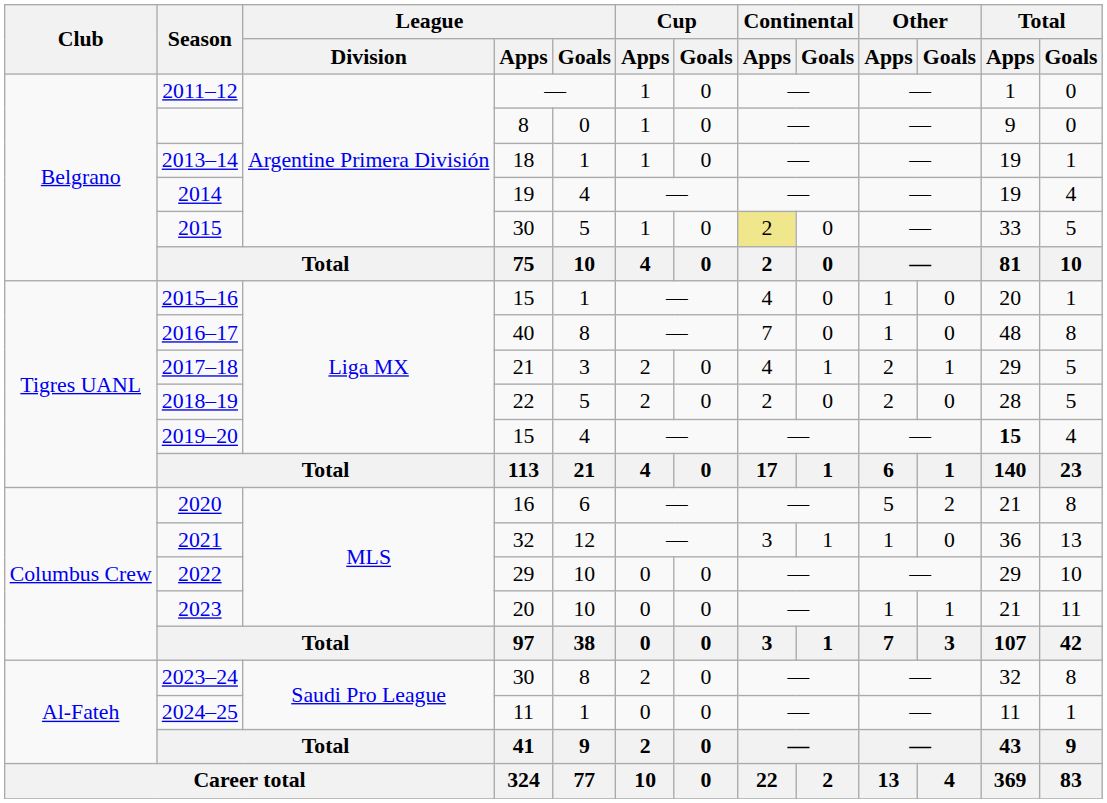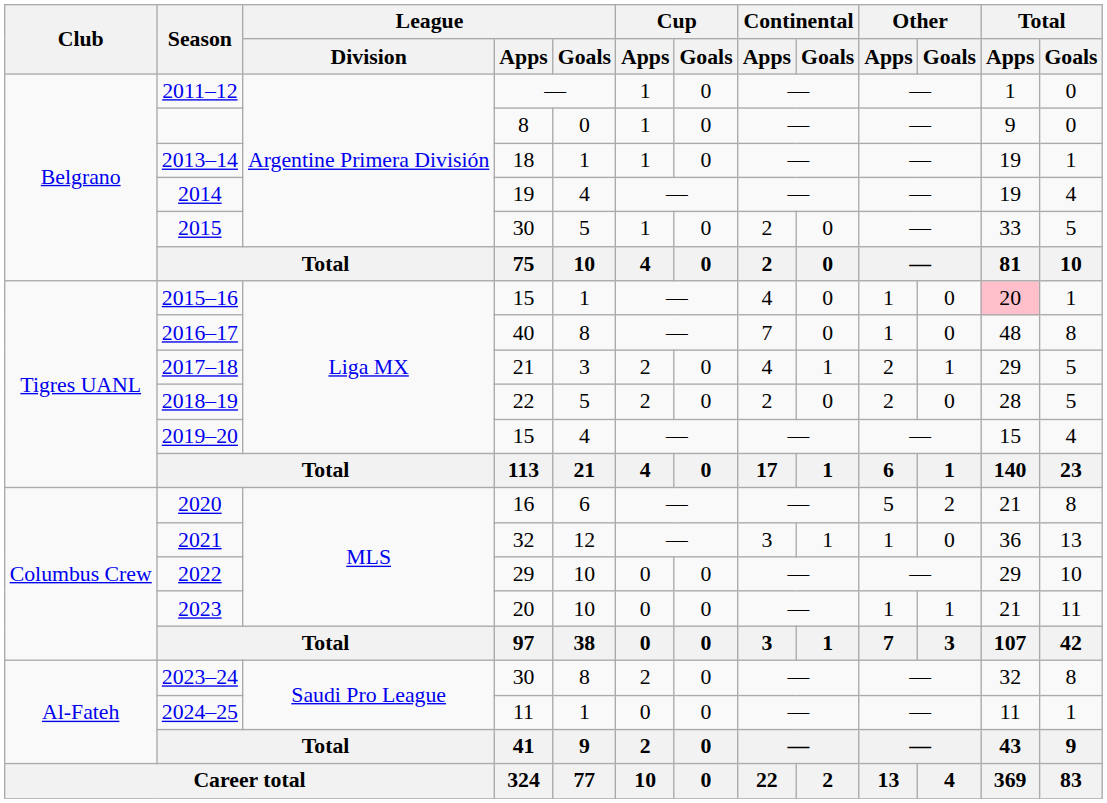 <table class="wikitable" style="text-align:center">
 <tr>
 <th rowspan="2">Club</th>
 <th rowspan="2">Season</th>
 <th colspan="3">League</th>
 <th colspan="2">Cup</th>
 <th colspan="2">Continental</th>
 <th colspan="2">Other</th>
 <th colspan="2">Total</th>
 </tr>
 <tr>
 <th>Division</th>
 <th>Apps</th>
 <th>Goals</th>
 <th>Apps</th>
 <th>Goals</th>
 <th>Apps</th>
 <th>Goals</th>
 <th>Apps</th>
 <th>Goals</th>
 <th>Apps</th>
 <th>Goals</th>
 </tr>
 <tr>
 <td rowspan="6"><a href='#'>Belgrano</a></td>
 <td><a href='#'>2011–12</a></td>
 <td rowspan="5"><a href='#'>Argentine Primera División</a></td>
 <td colspan="2">—</td>
 <td>1</td>
 <td>0</td>
 <td colspan="2">—</td>
 <td colspan="2">—</td>
 <td>1</td>
 <td>0</td>
 </tr>
 <tr>
 <td></td>
 <td>8</td>
 <td>0</td>
 <td>1</td>
 <td>0</td>
 <td colspan="2">—</td>
 <td colspan="2">—</td>
 <td>9</td>
 <td>0</td>
 </tr>
 <tr>
 <td><a href='#'>2013–14</a></td>
 <td>18</td>
 <td>1</td>
 <td>1</td>
 <td>0</td>
 <td colspan="2">—</td>
 <td colspan="2">—</td>
 <td>19</td>
 <td>1</td>
 </tr>
 <tr>
 <td><a href='#'>2014</a></td>
 <td>19</td>
 <td>4</td>
 <td colspan="2">—</td>
 <td colspan="2">—</td>
 <td colspan="2">—</td>
 <td>19</td>
 <td>4</td>
 </tr>
 <tr>
 <td><a href='#'>2015</a></td>
 <td>30</td>
 <td>5</td>
 <td>1</td>
 <td>0</td>
-<td style="background: khaki;">2</td>
+<td>2</td>
 <td>0</td>
 <td colspan="2">—</td>
 <td>33</td>
 <td>5</td>
 </tr>
 <tr>
 <th colspan="2">Total</th>
 <th>75</th>
 <th>10</th>
 <th>4</th>
 <th>0</th>
 <th>2</th>
 <th>0</th>
 <th colspan="2">—</th>
 <th>81</th>
 <th>10</th>
 </tr>
 <tr>
 <td rowspan="6"><a href='#'>Tigres UANL</a></td>
 <td><a href='#'>2015–16</a></td>
 <td rowspan="5"><a href='#'>Liga MX</a></td>
 <td>15</td>
 <td>1</td>
 <td colspan="2">—</td>
 <td>4</td>
 <td>0</td>
 <td>1</td>
 <td>0</td>
-<td>20</td>
+<td style="background: pink;">20</td>
 <td>1</td>
 </tr>
 <tr>
 <td><a href='#'>2016–17</a></td>
 <td>40</td>
 <td>8</td>
 <td colspan="2">—</td>
 <td>7</td>
 <td>0</td>
 <td>1</td>
 <td>0</td>
 <td>48</td>
 <td>8</td>
 </tr>
 <tr>
 <td><a href='#'>2017–18</a></td>
 <td>21</td>
 <td>3</td>
 <td>2</td>
 <td>0</td>
 <td>4</td>
 <td>1</td>
 <td>2</td>
 <td>1</td>
 <td>29</td>
 <td>5</td>
 </tr>
 <tr>
 <td><a href='#'>2018–19</a></td>
 <td>22</td>
 <td>5</td>
 <td>2</td>
 <td>0</td>
 <td>2</td>
 <td>0</td>
 <td>2</td>
 <td>0</td>
 <td>28</td>
 <td>5</td>
 </tr>
 <tr>
 <td><a href='#'>2019–20</a></td>
 <td>15</td>
 <td>4</td>
 <td colspan="2">—</td>
 <td colspan="2">—</td>
 <td colspan="2">—</td>
-<td><strong>15</strong></td>
+<td>15</td>
 <td>4</td>
 </tr>
 <tr>
 <th colspan="2">Total</th>
 <th>113</th>
 <th>21</th>
 <th>4</th>
 <th>0</th>
 <th>17</th>
 <th>1</th>
 <th>6</th>
 <th>1</th>
 <th>140</th>
 <th>23</th>
 </tr>
 <tr>
 <td rowspan="5"><a href='#'>Columbus Crew</a></td>
 <td><a href='#'>2020</a></td>
 <td rowspan="4"><a href='#'>MLS</a></td>
 <td>16</td>
 <td>6</td>
 <td colspan="2">—</td>
 <td colspan="2">—</td>
 <td>5</td>
 <td>2</td>
 <td>21</td>
 <td>8</td>
 </tr>
 <tr>
 <td><a href='#'>2021</a></td>
 <td>32</td>
 <td>12</td>
 <td colspan="2">—</td>
 <td>3</td>
 <td>1</td>
 <td>1</td>
 <td>0</td>
 <td>36</td>
 <td>13</td>
 </tr>
 <tr>
 <td><a href='#'>2022</a></td>
 <td>29</td>
 <td>10</td>
 <td>0</td>
 <td>0</td>
 <td colspan="2">—</td>
 <td colspan="2">—</td>
 <td>29</td>
 <td>10</td>
 </tr>
 <tr>
 <td><a href='#'>2023</a></td>
 <td>20</td>
 <td>10</td>
 <td>0</td>
 <td>0</td>
 <td colspan="2">—</td>
 <td>1</td>
 <td>1</td>
 <td>21</td>
 <td>11</td>
 </tr>
 <tr>
 <th colspan="2">Total</th>
 <th>97</th>
 <th>38</th>
 <th>0</th>
 <th>0</th>
 <th>3</th>
 <th>1</th>
 <th>7</th>
 <th>3</th>
 <th>107</th>
 <th>42</th>
 </tr>
 <tr>
 <td rowspan="3"><a href='#'>Al-Fateh</a></td>
 <td><a href='#'>2023–24</a></td>
 <td rowspan="2"><a href='#'>Saudi Pro League</a></td>
 <td>30</td>
 <td>8</td>
 <td>2</td>
 <td>0</td>
 <td colspan="2">—</td>
 <td colspan="2">—</td>
 <td>32</td>
 <td>8</td>
 </tr>
 <tr>
 <td><a href='#'>2024–25</a></td>
 <td>11</td>
 <td>1</td>
 <td>0</td>
 <td>0</td>
 <td colspan="2">—</td>
 <td colspan="2">—</td>
 <td>11</td>
 <td>1</td>
 </tr>
 <tr>
 <th colspan="2">Total</th>
 <th>41</th>
 <th>9</th>
 <th>2</th>
 <th>0</th>
 <th colspan="2">—</th>
 <th colspan="2">—</th>
 <th>43</th>
 <th>9</th>
 </tr>
 <tr>
 <th colspan="3">Career total</th>
 <th>324</th>
 <th>77</th>
 <th>10</th>
 <th>0</th>
 <th>22</th>
 <th>2</th>
 <th>13</th>
 <th>4</th>
 <th>369</th>
 <th>83</th>
 </tr>
 </table>
